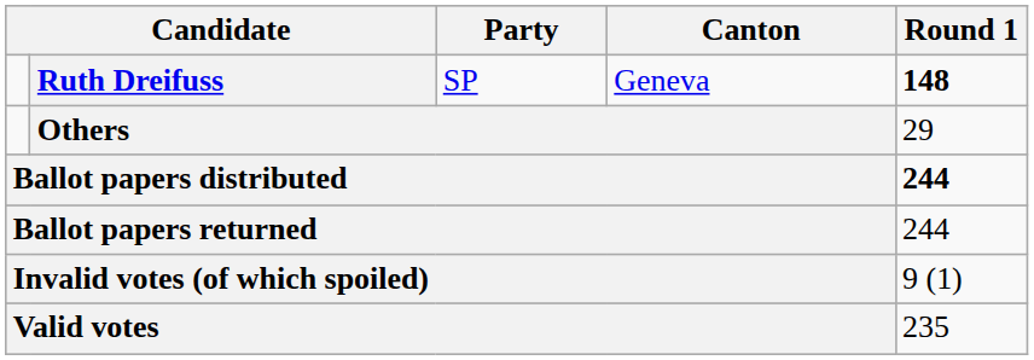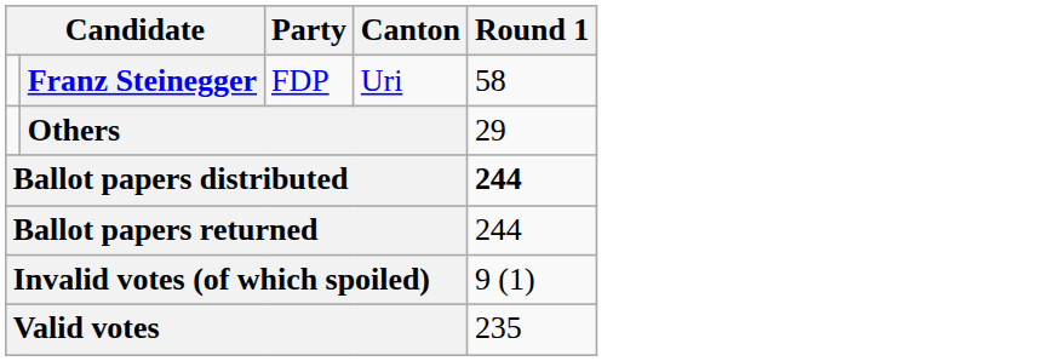 <table class="wikitable">
 <tr>
 <th colspan=2>Candidate</th>
 <th>Party</th>
 <th>Canton</th>
 <th>Round 1</th>
 </tr>
 <tr>
-<td width=5px style="background-color: "></td>
-<td width=200px style="background-color:#F2F2F2"><strong><a href='#'>Ruth Dreifuss</a></strong></td>
-<td width=80px><a href='#'>SP</a></td>
-<td width=140px><a href='#'>Geneva</a></td>
-<td width=60px><strong>148</strong></td>
+<td style="background-color: "></td>
+<td style="background-color:#F2F2F2"><strong><a href='#'>Franz Steinegger</a></strong></td>
+<td><a href='#'>FDP</a></td>
+<td><a href='#'>Uri</a></td>
+<td>58</td>
 </tr>
 <tr>
 <td></td>
 <td colspan=3 style="background-color:#F2F2F2"><strong>Others</strong></td>
 <td>29</td>
 </tr>
 <tr>
 <td colspan=4 style="background-color:#F2F2F2"><strong>Ballot papers distributed</strong></td>
 <td><strong>244</strong></td>
 </tr>
 <tr>
 <td colspan=4 style="background-color:#F2F2F2"><strong>Ballot papers returned</strong></td>
 <td>244</td>
 </tr>
 <tr>
 <td colspan=4 style="background-color:#F2F2F2"><strong>Invalid votes (of which spoiled)</strong></td>
 <td>9 (1)</td>
 </tr>
 <tr>
 <td colspan=4 style="background-color:#F2F2F2"><strong>Valid votes</strong></td>
 <td>235</td>
 </tr>
 </table>
